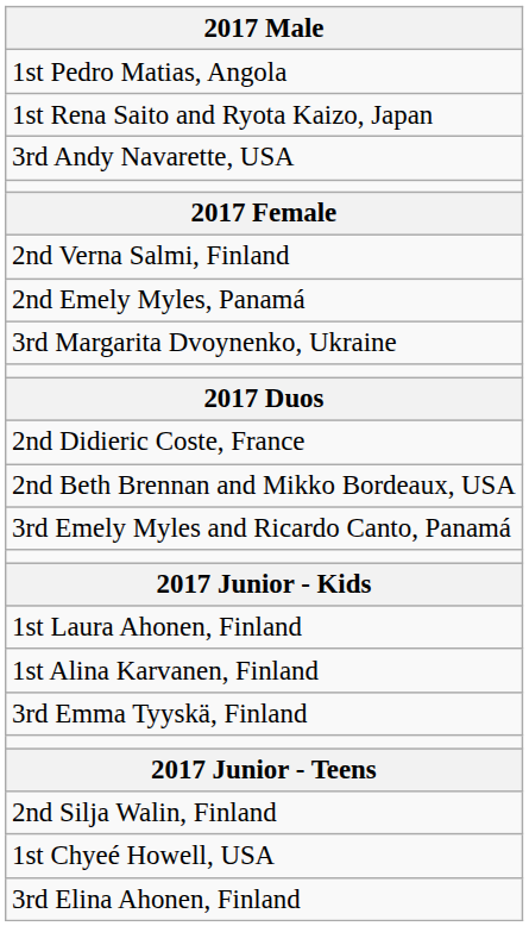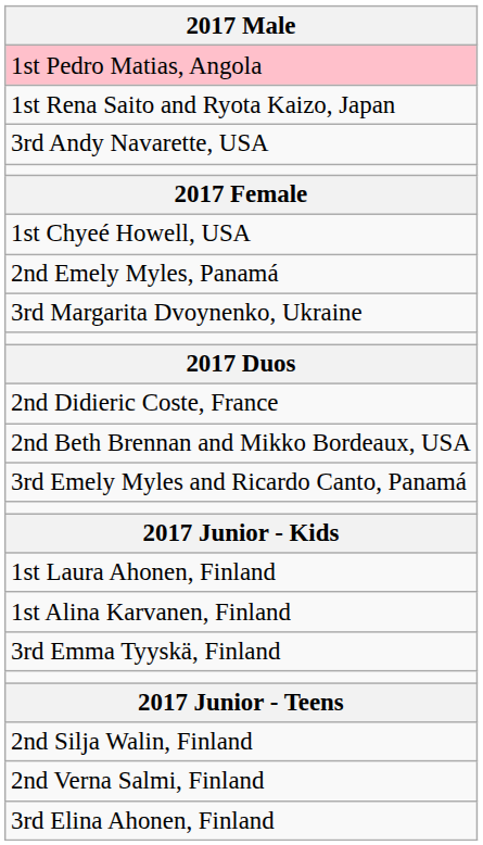 <table class="wikitable" style="float:left; margin-right:1em">
 <tr>
 <th>2017 Male</th>
 </tr>
 <tr>
-<td>1st Pedro Matias, Angola</td>
+<td style="background: pink;">1st Pedro Matias, Angola</td>
 </tr>
 <tr>
 <td>1st Rena Saito and Ryota Kaizo, Japan</td>
 </tr>
 <tr>
 <td>3rd Andy Navarette, USA</td>
 </tr>
 <tr>
 <td></td>
 </tr>
 <tr>
 <th>2017 Female</th>
 </tr>
 <tr>
-<td>2nd Verna Salmi, Finland</td>
+<td>1st Chyeé Howell, USA</td>
 </tr>
 <tr>
 <td>2nd Emely Myles, Panamá</td>
 </tr>
 <tr>
 <td>3rd Margarita Dvoynenko, Ukraine</td>
 </tr>
 <tr>
 <td></td>
 </tr>
 <tr>
 <th>2017 Duos</th>
 </tr>
 <tr>
 <td>2nd Didieric Coste, France</td>
 </tr>
 <tr>
 <td>2nd Beth Brennan and Mikko Bordeaux, USA</td>
 </tr>
 <tr>
 <td>3rd Emely Myles and Ricardo Canto, Panamá</td>
 </tr>
 <tr>
 <td></td>
 </tr>
 <tr>
 <th>2017 Junior - Kids</th>
 </tr>
 <tr>
 <td>1st Laura Ahonen, Finland</td>
 </tr>
 <tr>
 <td>1st Alina Karvanen, Finland</td>
 </tr>
 <tr>
 <td>3rd Emma Tyyskä, Finland</td>
 </tr>
 <tr>
 <td></td>
 </tr>
 <tr>
 <th>2017 Junior - Teens</th>
 </tr>
 <tr>
 <td>2nd Silja Walin, Finland</td>
 </tr>
 <tr>
-<td>1st Chyeé Howell, USA</td>
+<td>2nd Verna Salmi, Finland</td>
 </tr>
 <tr>
 <td>3rd Elina Ahonen, Finland</td>
 </tr>
 </table>
